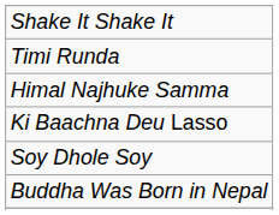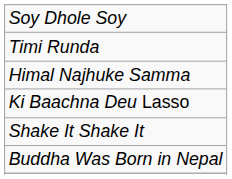 <table class=wikitable sortable">
 <tr>
 </tr>
 <tr>
-<td><em>Shake It Shake It</em></td>
+<td><em>Soy Dhole Soy</em></td>
 </tr>
 <tr>
 <td><em>Timi Runda</em></td>
 </tr>
 <tr>
 <td><em>Himal Najhuke Samma</em></td>
 </tr>
 <tr>
 <td><em>Ki Baachna Deu</em> Lasso</td>
 </tr>
 <tr>
-<td><em>Soy Dhole Soy</em></td>
+<td><em>Shake It Shake It</em></td>
 </tr>
 <tr>
 <td><em>Buddha Was Born in Nepal</em></td>
 </tr>
 <tr>
 </tr>
 <tr>
 </tr>
 </table>
